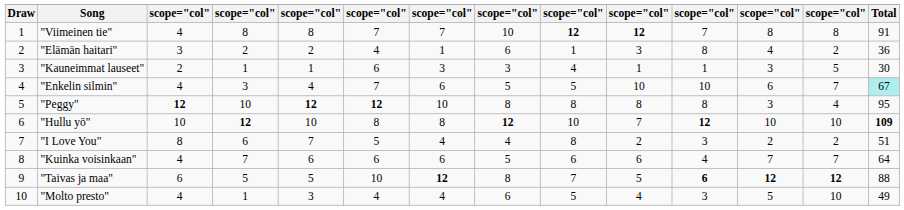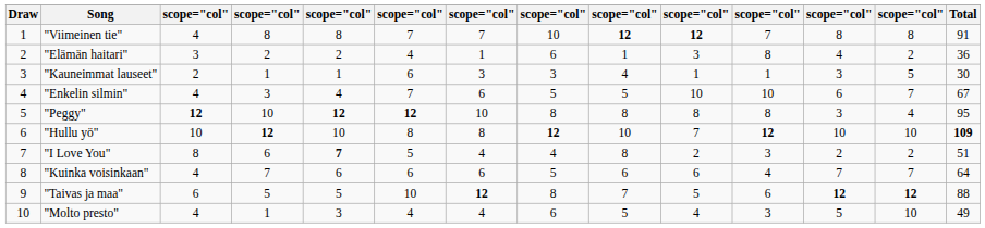 <table class="wikitable plainrowheaders" style="margin: 1em auto 1em auto; text-align:center;">
 <tr>
 </tr>
 <tr>
 <th scope="col">Draw</th>
 <th scope="col">Song</th>
 <th>scope="col" </th>
 <th>scope="col" </th>
 <th>scope="col" </th>
 <th>scope="col" </th>
 <th>scope="col" </th>
 <th>scope="col" </th>
 <th>scope="col" </th>
 <th>scope="col" </th>
 <th>scope="col" </th>
 <th>scope="col" </th>
 <th>scope="col" </th>
 <th scope="col">Total</th>
 </tr>
 <tr>
 <td>1</td>
 <td align="left">"Viimeinen tie"</td>
 <td>4</td>
 <td>8</td>
 <td>8</td>
 <td>7</td>
 <td>7</td>
 <td>10</td>
 <td><strong>12</strong></td>
 <td><strong>12</strong></td>
 <td>7</td>
 <td>8</td>
 <td>8</td>
 <td>91</td>
 </tr>
 <tr>
 <td>2</td>
 <td align="left">"Elämän haitari"</td>
 <td>3</td>
 <td>2</td>
 <td>2</td>
 <td>4</td>
 <td>1</td>
 <td>6</td>
 <td>1</td>
 <td>3</td>
 <td>8</td>
 <td>4</td>
 <td>2</td>
 <td>36</td>
 </tr>
 <tr>
 <td>3</td>
 <td align="left">"Kauneimmat lauseet"</td>
 <td>2</td>
 <td>1</td>
 <td>1</td>
 <td>6</td>
 <td>3</td>
 <td>3</td>
 <td>4</td>
 <td>1</td>
 <td>1</td>
 <td>3</td>
 <td>5</td>
 <td>30</td>
 </tr>
 <tr>
 <td>4</td>
 <td align="left">"Enkelin silmin"</td>
 <td>4</td>
 <td>3</td>
 <td>4</td>
 <td>7</td>
 <td>6</td>
 <td>5</td>
 <td>5</td>
 <td>10</td>
 <td>10</td>
 <td>6</td>
 <td>7</td>
-<td style="background: paleturquoise;">67</td>
+<td>67</td>
 </tr>
 <tr>
 <td>5</td>
 <td align="left">"Peggy"</td>
 <td><strong>12</strong></td>
 <td>10</td>
 <td><strong>12</strong></td>
 <td><strong>12</strong></td>
 <td>10</td>
 <td>8</td>
 <td>8</td>
 <td>8</td>
 <td>8</td>
 <td>3</td>
 <td>4</td>
 <td>95</td>
 </tr>
 <tr>
 <td>6</td>
 <td align="left">"Hullu yö"</td>
 <td>10</td>
 <td><strong>12</strong></td>
 <td>10</td>
 <td>8</td>
 <td>8</td>
 <td><strong>12</strong></td>
 <td>10</td>
 <td>7</td>
 <td><strong>12</strong></td>
 <td>10</td>
 <td>10</td>
 <td><strong>109</strong></td>
 </tr>
 <tr>
 <td>7</td>
 <td align="left">"I Love You"</td>
 <td>8</td>
 <td>6</td>
-<td>7</td>
+<td><strong>7</strong></td>
 <td>5</td>
 <td>4</td>
 <td>4</td>
 <td>8</td>
 <td>2</td>
 <td>3</td>
 <td>2</td>
 <td>2</td>
 <td>51</td>
 </tr>
 <tr>
 <td>8</td>
 <td align="left">"Kuinka voisinkaan"</td>
 <td>4</td>
 <td>7</td>
 <td>6</td>
 <td>6</td>
 <td>6</td>
 <td>5</td>
 <td>6</td>
 <td>6</td>
 <td>4</td>
 <td>7</td>
 <td>7</td>
 <td>64</td>
 </tr>
 <tr>
 <td>9</td>
 <td align="left">"Taivas ja maa"</td>
 <td>6</td>
 <td>5</td>
 <td>5</td>
 <td>10</td>
 <td><strong>12</strong></td>
 <td>8</td>
 <td>7</td>
 <td>5</td>
-<td><strong>6</strong></td>
+<td>6</td>
 <td><strong>12</strong></td>
 <td><strong>12</strong></td>
 <td>88</td>
 </tr>
 <tr>
 <td>10</td>
 <td align="left">"Molto presto"</td>
 <td>4</td>
 <td>1</td>
 <td>3</td>
 <td>4</td>
 <td>4</td>
 <td>6</td>
 <td>5</td>
 <td>4</td>
 <td>3</td>
 <td>5</td>
 <td>10</td>
 <td>49</td>
 </tr>
 </table>
